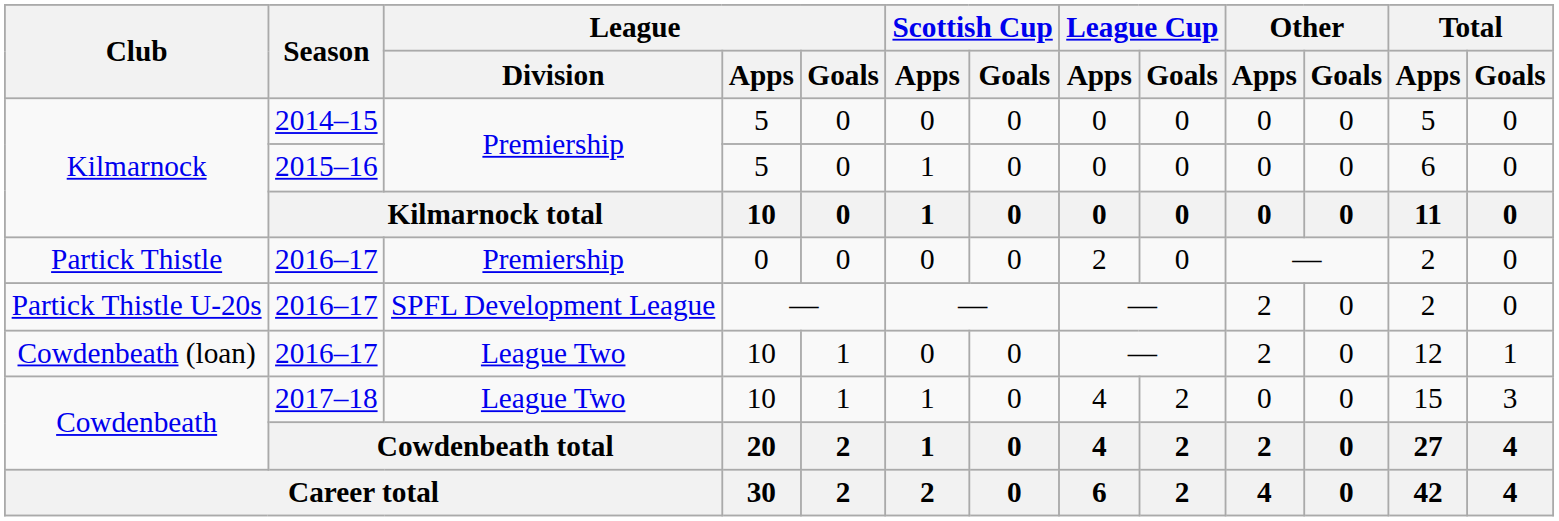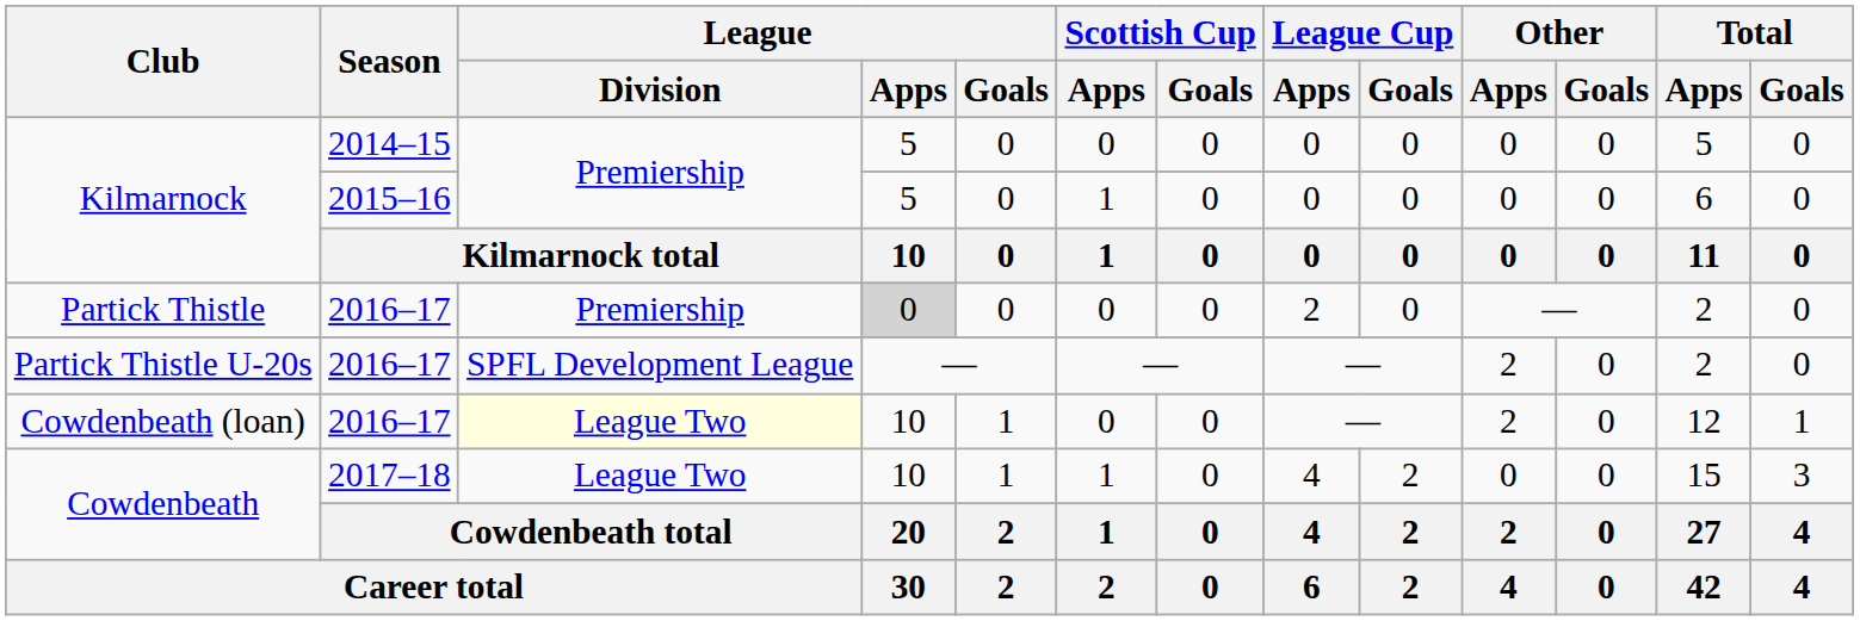 <table class="wikitable" style="text-align:center">
 <tr>
 <th rowspan="2">Club</th>
 <th rowspan="2">Season</th>
 <th colspan="3">League</th>
 <th colspan="2"><a href='#'>Scottish Cup</a></th>
 <th colspan="2"><a href='#'>League Cup</a></th>
 <th colspan="2">Other</th>
 <th colspan="2">Total</th>
 </tr>
 <tr>
 <th>Division</th>
 <th>Apps</th>
 <th>Goals</th>
 <th>Apps</th>
 <th>Goals</th>
 <th>Apps</th>
 <th>Goals</th>
 <th>Apps</th>
 <th>Goals</th>
 <th>Apps</th>
 <th>Goals</th>
 </tr>
 <tr>
 <td rowspan="3"><a href='#'>Kilmarnock</a></td>
 <td><a href='#'>2014–15</a></td>
 <td rowspan="2"><a href='#'>Premiership</a></td>
 <td>5</td>
 <td>0</td>
 <td>0</td>
 <td>0</td>
 <td>0</td>
 <td>0</td>
 <td>0</td>
 <td>0</td>
 <td>5</td>
 <td>0</td>
 </tr>
 <tr>
 <td><a href='#'>2015–16</a></td>
 <td>5</td>
 <td>0</td>
 <td>1</td>
 <td>0</td>
 <td>0</td>
 <td>0</td>
 <td>0</td>
 <td>0</td>
 <td>6</td>
 <td>0</td>
 </tr>
 <tr>
 <th colspan="2">Kilmarnock total</th>
 <th>10</th>
 <th>0</th>
 <th>1</th>
 <th>0</th>
 <th>0</th>
 <th>0</th>
 <th>0</th>
 <th>0</th>
 <th>11</th>
 <th>0</th>
 </tr>
 <tr>
 <td><a href='#'>Partick Thistle</a></td>
 <td><a href='#'>2016–17</a></td>
 <td><a href='#'>Premiership</a></td>
-<td>0</td>
+<td style="background: lightgrey;">0</td>
 <td>0</td>
 <td>0</td>
 <td>0</td>
 <td>2</td>
 <td>0</td>
 <td colspan="2">—</td>
 <td>2</td>
 <td>0</td>
 </tr>
 <tr>
 <td><a href='#'>Partick Thistle U-20s</a></td>
 <td><a href='#'>2016–17</a></td>
 <td><a href='#'>SPFL Development League</a></td>
 <td colspan="2">—</td>
 <td colspan="2">—</td>
 <td colspan="2">—</td>
 <td>2</td>
 <td>0</td>
 <td>2</td>
 <td>0</td>
 </tr>
 <tr>
 <td><a href='#'>Cowdenbeath</a> (loan)</td>
 <td><a href='#'>2016–17</a></td>
-<td><a href='#'>League Two</a></td>
+<td style="background: lightyellow;"><a href='#'>League Two</a></td>
 <td>10</td>
 <td>1</td>
 <td>0</td>
 <td>0</td>
 <td colspan="2">—</td>
 <td>2</td>
 <td>0</td>
 <td>12</td>
 <td>1</td>
 </tr>
 <tr>
 <td rowspan="2"><a href='#'>Cowdenbeath</a></td>
 <td><a href='#'>2017–18</a></td>
 <td><a href='#'>League Two</a></td>
 <td>10</td>
 <td>1</td>
 <td>1</td>
 <td>0</td>
 <td>4</td>
 <td>2</td>
 <td>0</td>
 <td>0</td>
 <td>15</td>
 <td>3</td>
 </tr>
 <tr>
 <th colspan="2">Cowdenbeath total</th>
 <th>20</th>
 <th>2</th>
 <th>1</th>
 <th>0</th>
 <th>4</th>
 <th>2</th>
 <th>2</th>
 <th>0</th>
 <th>27</th>
 <th>4</th>
 </tr>
 <tr>
 <th colspan="3">Career total</th>
 <th>30</th>
 <th>2</th>
 <th>2</th>
 <th>0</th>
 <th>6</th>
 <th>2</th>
 <th>4</th>
 <th>0</th>
 <th>42</th>
 <th>4</th>
 </tr>
 </table>
